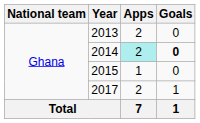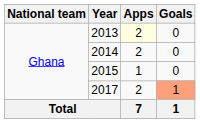 <table class="wikitable" style="text-align:center">
 <tr>
 <th>National team</th>
 <th>Year</th>
 <th>Apps</th>
 <th>Goals</th>
 </tr>
 <tr>
 <td rowspan="4"><a href='#'>Ghana</a></td>
 <td>2013</td>
-<td>2</td>
+<td style="background: lightyellow;">2</td>
 <td>0</td>
 </tr>
 <tr>
 <td>2014</td>
-<td style="background: paleturquoise;">2</td>
-<td><strong>0</strong></td>
+<td>2</td>
+<td>0</td>
 </tr>
 <tr>
 <td>2015</td>
 <td>1</td>
 <td>0</td>
 </tr>
 <tr>
 <td>2017</td>
 <td>2</td>
-<td>1</td>
+<td style="background: lightsalmon;">1</td>
 </tr>
 <tr>
 <th colspan="2">Total</th>
 <th>7</th>
 <th>1</th>
 </tr>
 </table>
